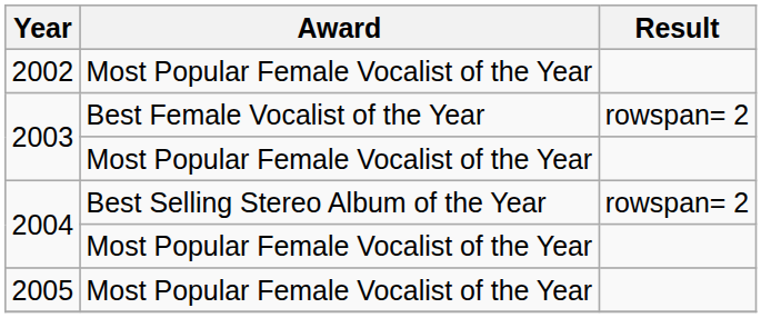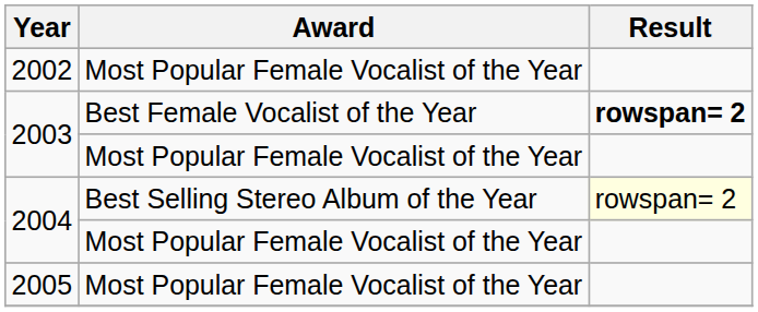 <table class="wikitable" style="font-size: 95%">
 <tr>
 <th>Year</th>
 <th>Award</th>
 <th>Result</th>
 </tr>
 <tr>
 <td rowspan= 1>2002</td>
 <td>Most Popular Female Vocalist of the Year</td>
 <td></td>
 </tr>
 <tr>
 <td rowspan= 2>2003</td>
 <td>Best Female Vocalist of the Year</td>
-<td>rowspan= 2 </td>
+<td><strong>rowspan= 2 </strong></td>
 </tr>
 <tr>
 <td>Most Popular Female Vocalist of the Year</td>
 </tr>
 <tr>
 <td rowspan= 2>2004</td>
 <td>Best Selling Stereo Album of the Year</td>
-<td>rowspan= 2 </td>
+<td style="background: lightyellow;">rowspan= 2 </td>
 </tr>
 <tr>
 <td>Most Popular Female Vocalist of the Year</td>
 </tr>
 <tr>
 <td rowspan= 1>2005</td>
 <td>Most Popular Female Vocalist of the Year</td>
 <td></td>
 </tr>
 <tr>
 </tr>
 </table>
